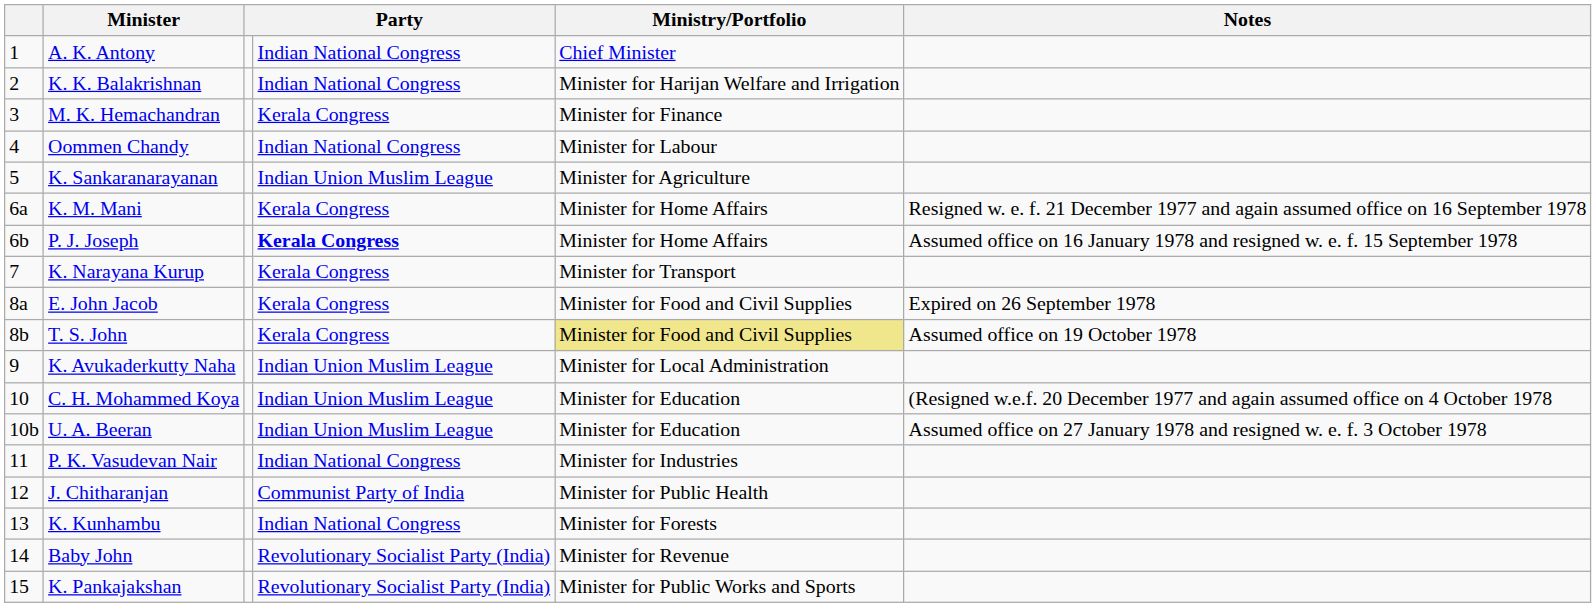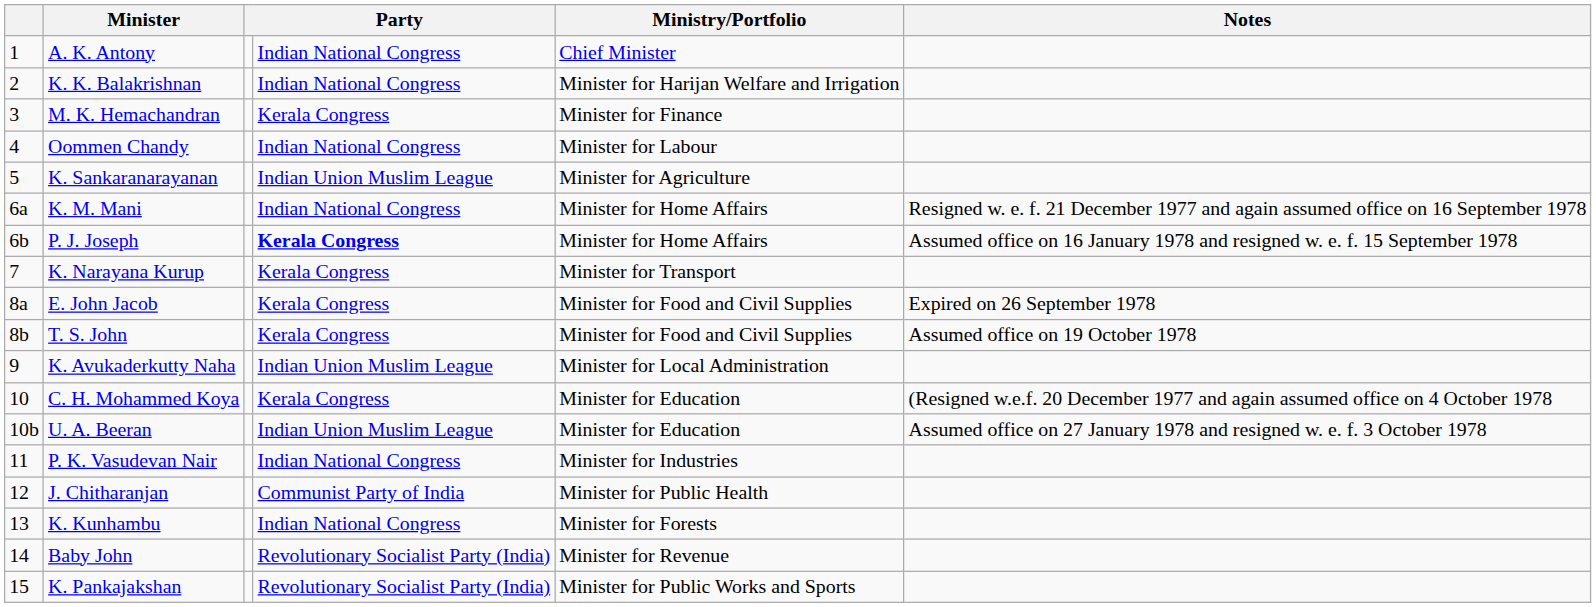 <table class="wikitable">
 <tr>
 <th></th>
 <th>Minister</th>
 <th colspan="2">Party</th>
 <th>Ministry/Portfolio</th>
 <th>Notes</th>
 </tr>
 <tr>
 <td>1</td>
 <td><a href='#'>A. K. Antony</a></td>
 <td style="background-color: "></td>
 <td><a href='#'>Indian National Congress</a></td>
 <td><a href='#'>Chief Minister</a></td>
 <td></td>
 </tr>
 <tr>
 <td>2</td>
 <td><a href='#'>K. K. Balakrishnan</a></td>
 <td style="background-color: "></td>
 <td><a href='#'>Indian National Congress</a></td>
 <td>Minister for Harijan Welfare and Irrigation</td>
 <td></td>
 </tr>
 <tr>
 <td>3</td>
 <td><a href='#'>M. K. Hemachandran</a></td>
 <td style="background-color: "></td>
 <td><a href='#'>Kerala Congress</a></td>
 <td>Minister for Finance</td>
 <td></td>
 </tr>
 <tr>
 <td>4</td>
 <td><a href='#'>Oommen Chandy</a></td>
 <td style="background-color: "></td>
 <td><a href='#'>Indian National Congress</a></td>
 <td>Minister for Labour</td>
 <td></td>
 </tr>
 <tr>
 <td>5</td>
 <td><a href='#'>K. Sankaranarayanan</a></td>
 <td style="background-color: "></td>
 <td><a href='#'>Indian Union Muslim League</a></td>
 <td>Minister for Agriculture</td>
 <td></td>
 </tr>
 <tr>
 <td>6a</td>
 <td><a href='#'>K. M. Mani</a></td>
 <td style="background-color: "></td>
-<td><a href='#'>Kerala Congress</a></td>
+<td><a href='#'>Indian National Congress</a></td>
 <td>Minister for Home Affairs</td>
 <td>Resigned w. e. f. 21 December 1977 and again assumed office on 16 September 1978</td>
 </tr>
 <tr>
 <td>6b</td>
 <td><a href='#'>P. J. Joseph</a></td>
 <td style="background-color: "></td>
 <td><strong><a href='#'>Kerala Congress</a></strong></td>
 <td>Minister for Home Affairs</td>
 <td>Assumed office on 16 January 1978 and resigned w. e. f. 15 September 1978</td>
 </tr>
 <tr>
 <td>7</td>
 <td><a href='#'>K. Narayana Kurup</a></td>
 <td style="background-color: "></td>
 <td><a href='#'>Kerala Congress</a></td>
 <td>Minister for Transport</td>
 <td></td>
 </tr>
 <tr>
 <td>8a</td>
 <td><a href='#'>E. John Jacob</a></td>
 <td style="background-color: "></td>
 <td><a href='#'>Kerala Congress</a></td>
 <td>Minister for Food and Civil Supplies</td>
 <td>Expired on 26 September 1978</td>
 </tr>
 <tr>
 <td>8b</td>
 <td><a href='#'>T. S. John</a></td>
 <td style="background-color: "></td>
 <td><a href='#'>Kerala Congress</a></td>
-<td style="background: khaki;">Minister for Food and Civil Supplies</td>
+<td>Minister for Food and Civil Supplies</td>
 <td>Assumed office on 19 October 1978</td>
 </tr>
 <tr>
 <td>9</td>
 <td><a href='#'>K. Avukaderkutty Naha</a></td>
 <td style="background-color: "></td>
 <td><a href='#'>Indian Union Muslim League</a></td>
 <td>Minister for Local Administration</td>
 <td></td>
 </tr>
 <tr>
 <td>10</td>
 <td><a href='#'>C. H. Mohammed Koya</a></td>
 <td style="background-color: "></td>
-<td><a href='#'>Indian Union Muslim League</a></td>
+<td><a href='#'>Kerala Congress</a></td>
 <td>Minister for Education</td>
 <td>(Resigned w.e.f. 20 December 1977 and again assumed office on 4 October 1978</td>
 </tr>
 <tr>
 <td>10b</td>
 <td><a href='#'>U. A. Beeran</a></td>
 <td style="background-color: "></td>
 <td><a href='#'>Indian Union Muslim League</a></td>
 <td>Minister for Education</td>
 <td>Assumed office on 27 January 1978 and resigned w. e. f. 3 October 1978</td>
 </tr>
 <tr>
 <td>11</td>
 <td><a href='#'>P. K. Vasudevan Nair</a></td>
 <td style="background-color: "></td>
 <td><a href='#'>Indian National Congress</a></td>
 <td>Minister for Industries</td>
 <td></td>
 </tr>
 <tr>
 <td>12</td>
 <td><a href='#'>J. Chitharanjan</a></td>
 <td style="background-color: "></td>
 <td><a href='#'>Communist Party of India</a></td>
 <td>Minister for Public Health</td>
 <td></td>
 </tr>
 <tr>
 <td>13</td>
 <td><a href='#'>K. Kunhambu</a></td>
 <td style="background-color: "></td>
 <td><a href='#'>Indian National Congress</a></td>
 <td>Minister for Forests</td>
 <td></td>
 </tr>
 <tr>
 <td>14</td>
 <td><a href='#'>Baby John</a></td>
 <td></td>
 <td><a href='#'>Revolutionary Socialist Party (India)</a></td>
 <td>Minister for Revenue</td>
 <td></td>
 </tr>
 <tr>
 <td>15</td>
 <td><a href='#'>K. Pankajakshan</a></td>
 <td></td>
 <td><a href='#'>Revolutionary Socialist Party (India)</a></td>
 <td>Minister for Public Works and Sports</td>
 <td></td>
 </tr>
 </table>
